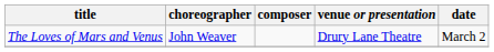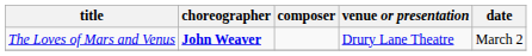 <table class="wikitable sortable">
 <tr>
 <th>title</th>
 <th>choreographer</th>
 <th>composer</th>
 <th>venue <em>or presentation</em></th>
 <th>date</th>
 </tr>
 <tr>
 <td><em><a href='#'>The Loves of Mars and Venus</a></em></td>
-<td><a href='#'>John Weaver</a></td>
+<td><strong><a href='#'>John Weaver</a></strong></td>
 <td></td>
 <td><a href='#'>Drury Lane Theatre</a></td>
 <td>March 2</td>
 </tr>
 <tr>
 </tr>
 </table>
